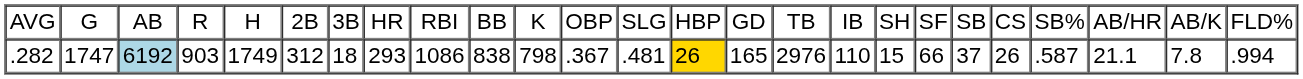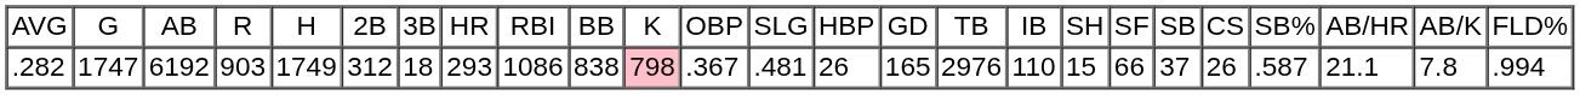 <table border="1" cellpadding="2" cellspacing="0">
 <tr align="center">
 <td>AVG</td>
 <td>G</td>
 <td>AB</td>
 <td>R</td>
 <td>H</td>
 <td>2B</td>
 <td>3B</td>
 <td>HR</td>
 <td>RBI</td>
 <td>BB</td>
 <td>K</td>
 <td>OBP</td>
 <td>SLG</td>
 <td>HBP</td>
 <td>GD</td>
 <td>TB</td>
 <td>IB</td>
 <td>SH</td>
 <td>SF</td>
 <td>SB</td>
 <td>CS</td>
 <td>SB%</td>
 <td>AB/HR</td>
 <td>AB/K</td>
 <td>FLD%</td>
 </tr>
 <tr>
 <td>.282</td>
 <td>1747</td>
-<td style="background: lightblue;">6192</td>
+<td>6192</td>
 <td>903</td>
 <td>1749</td>
 <td>312</td>
 <td>18</td>
 <td>293</td>
 <td>1086</td>
 <td>838</td>
-<td>798</td>
+<td style="background: pink;">798</td>
 <td>.367</td>
 <td>.481</td>
-<td style="background: gold;">26</td>
+<td>26</td>
 <td>165</td>
 <td>2976</td>
 <td>110</td>
 <td>15</td>
 <td>66</td>
 <td>37</td>
 <td>26</td>
 <td>.587</td>
 <td>21.1</td>
 <td>7.8</td>
 <td>.994</td>
 </tr>
 </table>
